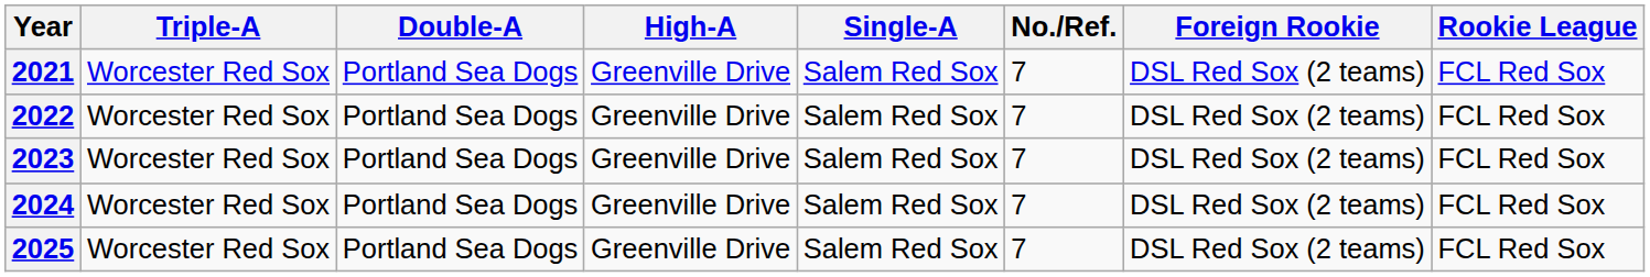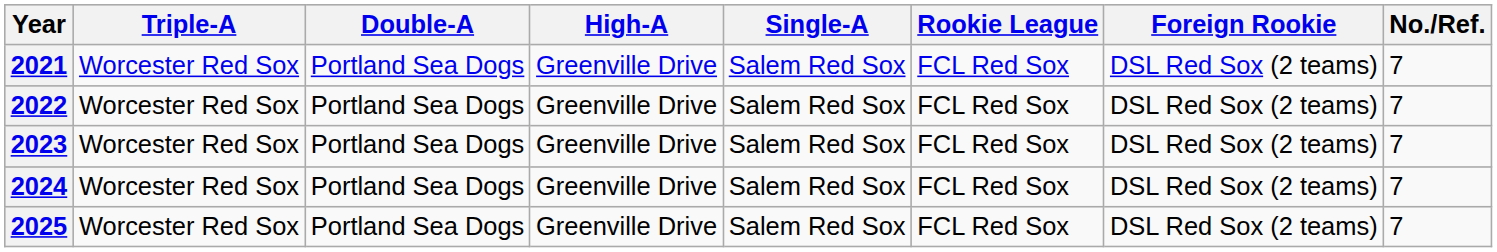 <table class="wikitable">
 <tr>
 <th>Year</th>
 <th><a href='#'><span>Triple-A</span></a></th>
 <th><a href='#'><span>Double-A</span></a></th>
 <th><a href='#'><span>High-A</span></a></th>
 <th><a href='#'><span>Single-A</span></a></th>
+<th><a href='#'><span>Rookie League</span></a></th>
+<th><a href='#'><span>Foreign Rookie</span></a></th>
 <th>No./Ref.</th>
-<th><a href='#'><span>Foreign Rookie</span></a></th>
-<th><a href='#'><span>Rookie League</span></a></th>
 </tr>
 <tr>
 <th><a href='#'>2021</a></th>
 <td><a href='#'>Worcester Red Sox</a></td>
 <td><a href='#'>Portland Sea Dogs</a></td>
 <td><a href='#'>Greenville Drive</a></td>
 <td><a href='#'>Salem Red Sox</a></td>
+<td><a href='#'>FCL Red Sox</a></td>
+<td><a href='#'>DSL Red Sox</a> (2 teams)</td>
 <td>7</td>
-<td><a href='#'>DSL Red Sox</a> (2 teams)</td>
-<td><a href='#'>FCL Red Sox</a></td>
 </tr>
 <tr>
 <th><a href='#'>2022</a></th>
 <td>Worcester Red Sox</td>
 <td>Portland Sea Dogs</td>
 <td>Greenville Drive</td>
 <td>Salem Red Sox</td>
+<td>FCL Red Sox</td>
+<td>DSL Red Sox (2 teams)</td>
 <td>7</td>
-<td>DSL Red Sox (2 teams)</td>
-<td>FCL Red Sox</td>
 </tr>
 <tr>
 <th><a href='#'>2023</a></th>
 <td>Worcester Red Sox</td>
 <td>Portland Sea Dogs</td>
 <td>Greenville Drive</td>
 <td>Salem Red Sox</td>
+<td>FCL Red Sox</td>
+<td>DSL Red Sox (2 teams)</td>
 <td>7</td>
-<td>DSL Red Sox (2 teams)</td>
-<td>FCL Red Sox</td>
 </tr>
 <tr>
 <th><a href='#'>2024</a></th>
 <td>Worcester Red Sox</td>
 <td>Portland Sea Dogs</td>
 <td>Greenville Drive</td>
 <td>Salem Red Sox</td>
+<td>FCL Red Sox</td>
+<td>DSL Red Sox (2 teams)</td>
 <td>7</td>
-<td>DSL Red Sox (2 teams)</td>
-<td>FCL Red Sox</td>
 </tr>
 <tr>
 <th><a href='#'>2025</a></th>
 <td>Worcester Red Sox</td>
 <td>Portland Sea Dogs</td>
 <td>Greenville Drive</td>
 <td>Salem Red Sox</td>
+<td>FCL Red Sox</td>
+<td>DSL Red Sox (2 teams)</td>
 <td>7</td>
-<td>DSL Red Sox (2 teams)</td>
-<td>FCL Red Sox</td>
 </tr>
 </table>
